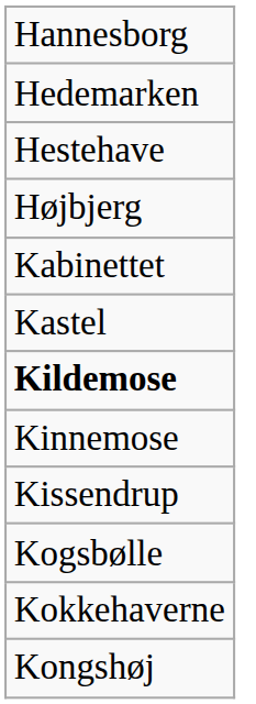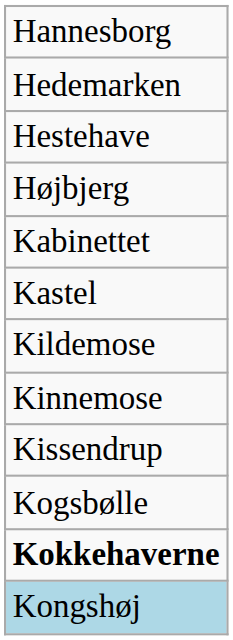 <table class="wikitable" style="float:left; margin-right:1em">
 <tr>
 <td>Hannesborg</td>
 </tr>
 <tr>
 <td>Hedemarken</td>
 </tr>
 <tr>
 <td>Hestehave</td>
 </tr>
 <tr>
 <td>Højbjerg</td>
 </tr>
 <tr>
 <td>Kabinettet</td>
 </tr>
 <tr>
 <td>Kastel</td>
 </tr>
 <tr>
-<td><strong>Kildemose</strong></td>
+<td>Kildemose</td>
 </tr>
 <tr>
 <td>Kinnemose</td>
 </tr>
 <tr>
 <td>Kissendrup</td>
 </tr>
 <tr>
 <td>Kogsbølle</td>
 </tr>
 <tr>
-<td>Kokkehaverne</td>
+<td><strong>Kokkehaverne</strong></td>
 </tr>
 <tr>
-<td>Kongshøj</td>
+<td style="background: lightblue;">Kongshøj</td>
 </tr>
 </table>
